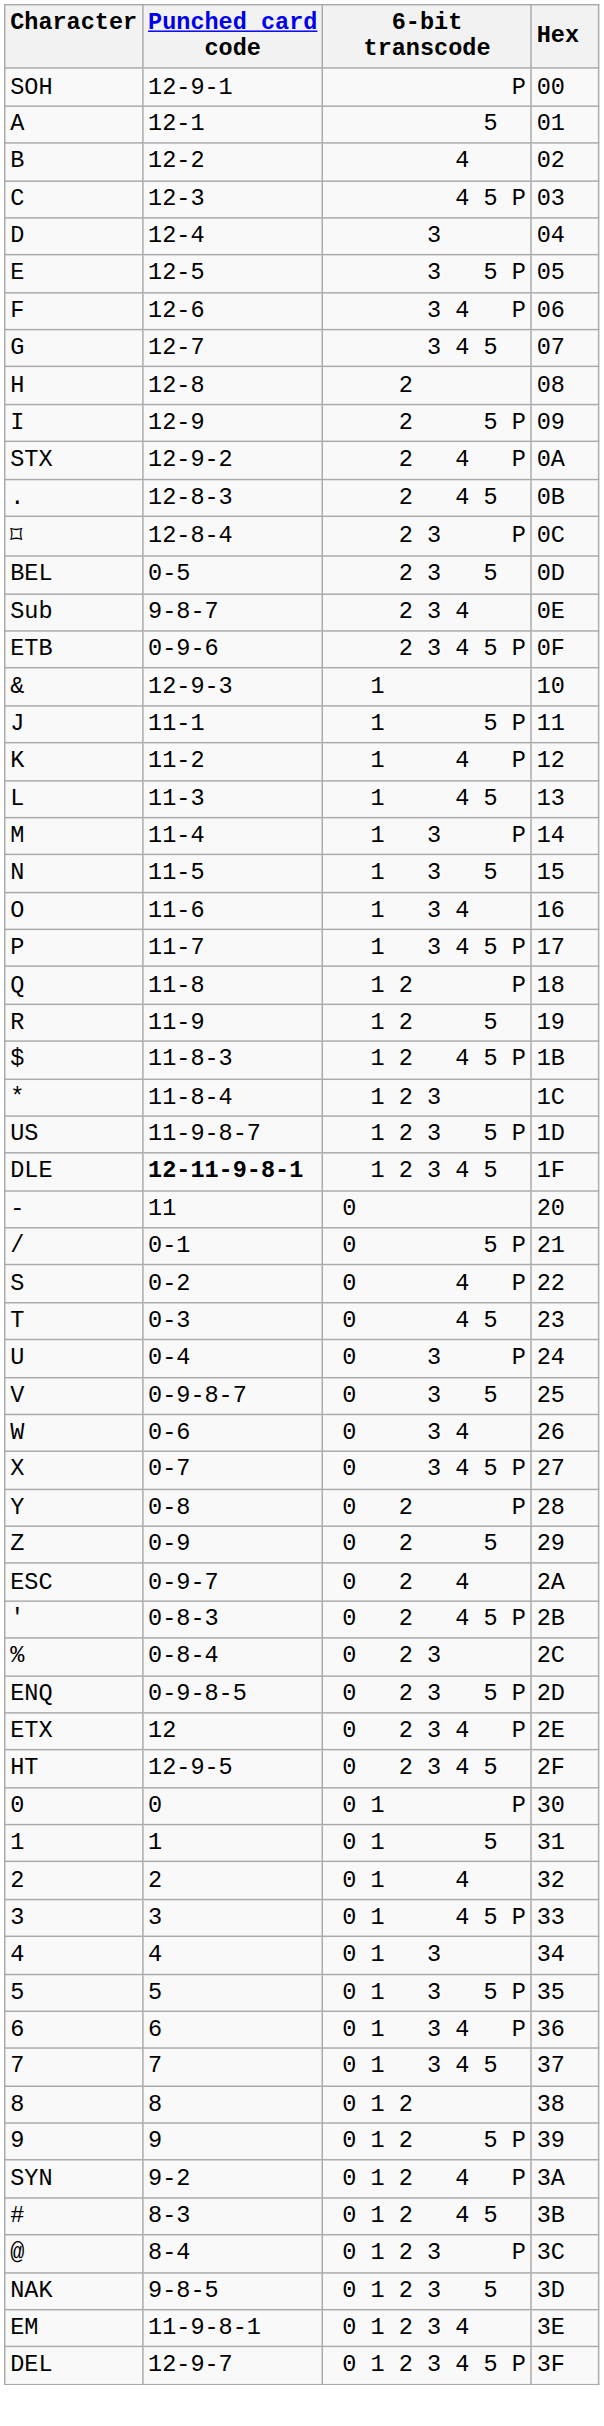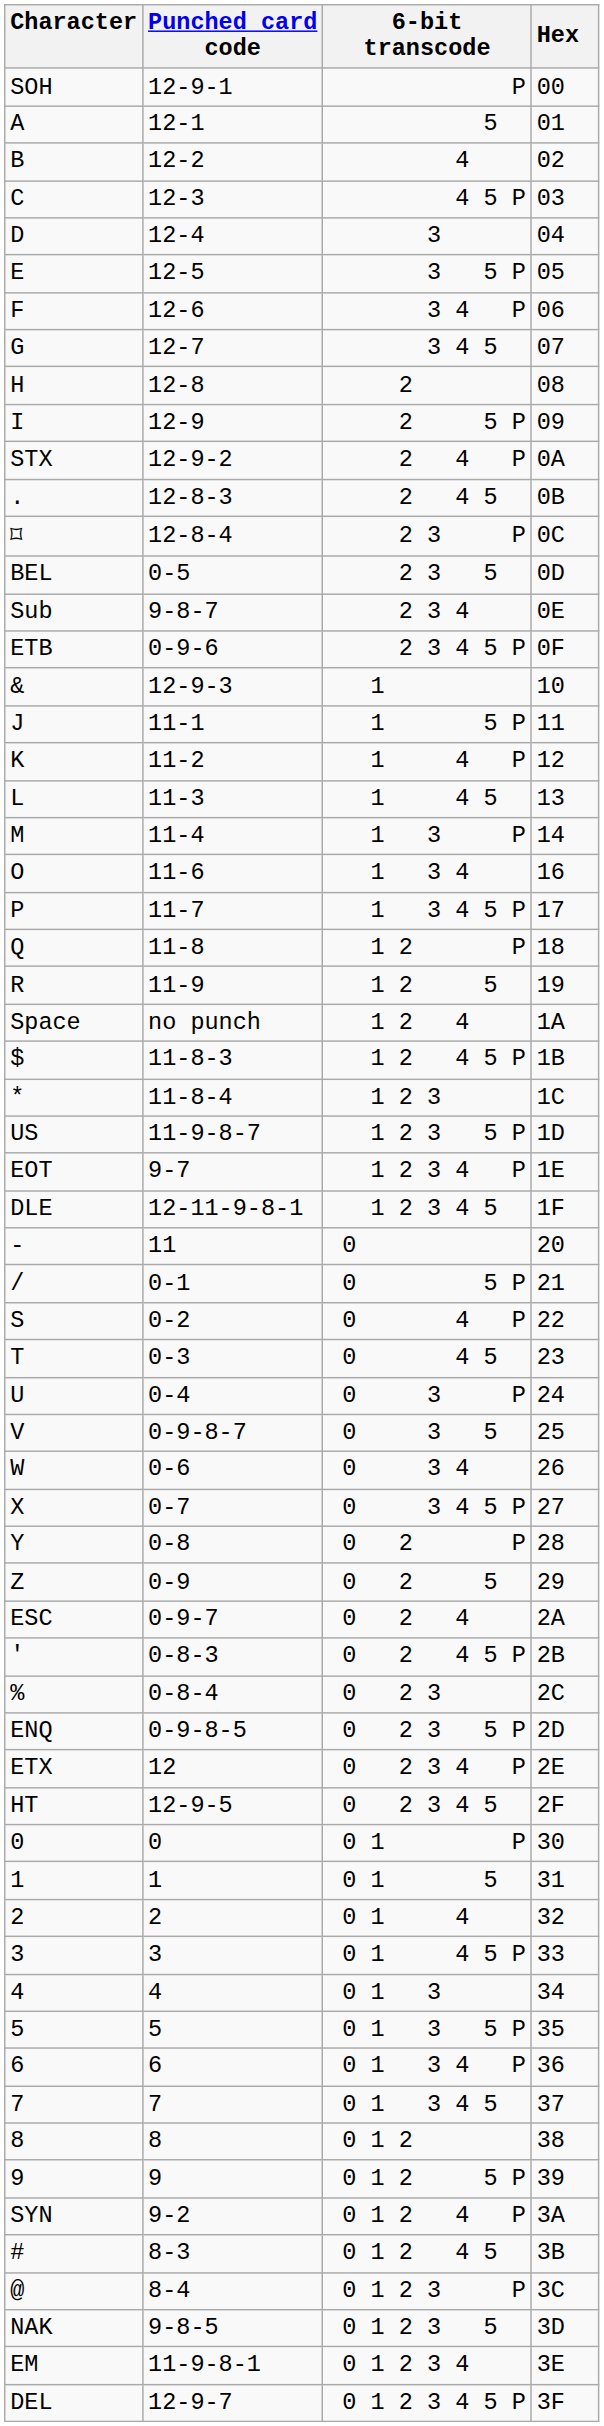 <table class="wikitable" style="font-family: 'Courier New';">
 <tr>
 <th>Character<br> </th>
 <th><a href='#'>Punched card</a><br>code</th>
 <th>6-bit<br>transcode</th>
 <th>Hex </th>
 </tr>
 <tr>
 <td>SOH</td>
 <td>12-9-1</td>
 <td>             P</td>
 <td>00</td>
 </tr>
 <tr>
 <td>A</td>
 <td>12-1</td>
 <td>           5  </td>
 <td>01</td>
 </tr>
 <tr>
 <td>B</td>
 <td>12-2</td>
 <td>         4    </td>
 <td>02</td>
 </tr>
 <tr>
 <td>C</td>
 <td>12-3</td>
 <td>         4 5 P</td>
 <td>03</td>
 </tr>
 <tr>
 <td>D</td>
 <td>12-4</td>
 <td>       3      </td>
 <td>04</td>
 </tr>
 <tr>
 <td>E</td>
 <td>12-5</td>
 <td>       3   5 P</td>
 <td>05</td>
 </tr>
 <tr>
 <td>F</td>
 <td>12-6</td>
 <td>       3 4   P</td>
 <td>06</td>
 </tr>
 <tr>
 <td>G</td>
 <td>12-7</td>
 <td>       3 4 5  </td>
 <td>07</td>
 </tr>
 <tr>
 <td>H</td>
 <td>12-8</td>
 <td>     2        </td>
 <td>08</td>
 </tr>
 <tr>
 <td>I</td>
 <td>12-9</td>
 <td>     2     5 P</td>
 <td>09</td>
 </tr>
 <tr>
 <td>STX</td>
 <td>12-9-2</td>
 <td>     2   4   P</td>
 <td>0A</td>
 </tr>
 <tr>
 <td>.</td>
 <td>12-8-3</td>
 <td>     2   4 5  </td>
 <td>0B</td>
 </tr>
 <tr>
 <td>⌑</td>
 <td>12-8-4</td>
 <td>     2 3     P</td>
 <td>0C</td>
 </tr>
 <tr>
 <td>BEL</td>
 <td>0-5</td>
 <td>     2 3   5  </td>
 <td>0D</td>
 </tr>
 <tr>
 <td>Sub</td>
 <td>9-8-7</td>
 <td>     2 3 4    </td>
 <td>0E</td>
 </tr>
 <tr>
 <td>ETB</td>
 <td>0-9-6</td>
 <td>     2 3 4 5 P</td>
 <td>0F</td>
 </tr>
 <tr>
 <td>&</td>
 <td>12-9-3</td>
 <td>   1          </td>
 <td>10</td>
 </tr>
 <tr>
 <td>J</td>
 <td>11-1</td>
 <td>   1       5 P</td>
 <td>11</td>
 </tr>
 <tr>
 <td>K</td>
 <td>11-2</td>
 <td>   1     4   P</td>
 <td>12</td>
 </tr>
 <tr>
 <td>L</td>
 <td>11-3</td>
 <td>   1     4 5  </td>
 <td>13</td>
 </tr>
 <tr>
 <td>M</td>
 <td>11-4</td>
 <td>   1   3     P</td>
 <td>14</td>
 </tr>
 <tr>
-<td>N</td>
-<td>11-5</td>
-<td>   1   3   5  </td>
-<td>15</td>
-</tr>
-<tr>
 <td>O</td>
 <td>11-6</td>
 <td>   1   3 4    </td>
 <td>16</td>
 </tr>
 <tr>
 <td>P</td>
 <td>11-7</td>
 <td>   1   3 4 5 P</td>
 <td>17</td>
 </tr>
 <tr>
 <td>Q</td>
 <td>11-8</td>
 <td>   1 2       P</td>
 <td>18</td>
 </tr>
 <tr>
 <td>R</td>
 <td>11-9</td>
 <td>   1 2     5  </td>
 <td>19</td>
 </tr>
 <tr>
+<td>Space</td>
+<td>no punch</td>
+<td>   1 2   4    </td>
+<td>1A</td>
+</tr>
+<tr>
 <td>$</td>
 <td>11-8-3</td>
 <td>   1 2   4 5 P</td>
 <td>1B</td>
 </tr>
 <tr>
 <td>*</td>
 <td>11-8-4</td>
 <td>   1 2 3      </td>
 <td>1C</td>
 </tr>
 <tr>
 <td>US</td>
 <td>11-9-8-7</td>
 <td>   1 2 3   5 P</td>
 <td>1D</td>
 </tr>
 <tr>
+<td>EOT</td>
+<td>9-7</td>
+<td>   1 2 3 4   P</td>
+<td>1E</td>
+</tr>
+<tr>
 <td>DLE</td>
-<td><strong>12-11-9-8-1</strong></td>
+<td>12-11-9-8-1</td>
 <td>   1 2 3 4 5  </td>
 <td>1F</td>
 </tr>
 <tr>
 <td>-</td>
 <td>11</td>
 <td> 0            </td>
 <td>20</td>
 </tr>
 <tr>
 <td>/</td>
 <td>0-1</td>
 <td> 0         5 P</td>
 <td>21</td>
 </tr>
 <tr>
 <td>S</td>
 <td>0-2</td>
 <td> 0       4   P</td>
 <td>22</td>
 </tr>
 <tr>
 <td>T</td>
 <td>0-3</td>
 <td> 0       4 5  </td>
 <td>23</td>
 </tr>
 <tr>
 <td>U</td>
 <td>0-4</td>
 <td> 0     3     P</td>
 <td>24</td>
 </tr>
 <tr>
 <td>V</td>
 <td>0-9-8-7</td>
 <td> 0     3   5  </td>
 <td>25</td>
 </tr>
 <tr>
 <td>W</td>
 <td>0-6</td>
 <td> 0     3 4    </td>
 <td>26</td>
 </tr>
 <tr>
 <td>X</td>
 <td>0-7</td>
 <td> 0     3 4 5 P</td>
 <td>27</td>
 </tr>
 <tr>
 <td>Y</td>
 <td>0-8</td>
 <td> 0   2       P</td>
 <td>28</td>
 </tr>
 <tr>
 <td>Z</td>
 <td>0-9</td>
 <td> 0   2     5  </td>
 <td>29</td>
 </tr>
 <tr>
 <td>ESC</td>
 <td>0-9-7</td>
 <td> 0   2   4    </td>
 <td>2A</td>
 </tr>
 <tr>
 <td>'</td>
 <td>0-8-3</td>
 <td> 0   2   4 5 P</td>
 <td>2B</td>
 </tr>
 <tr>
 <td>%</td>
 <td>0-8-4</td>
 <td> 0   2 3      </td>
 <td>2C</td>
 </tr>
 <tr>
 <td>ENQ</td>
 <td>0-9-8-5</td>
 <td> 0   2 3   5 P</td>
 <td>2D</td>
 </tr>
 <tr>
 <td>ETX</td>
 <td>12</td>
 <td> 0   2 3 4   P</td>
 <td>2E</td>
 </tr>
 <tr>
 <td>HT</td>
 <td>12-9-5</td>
 <td> 0   2 3 4 5  </td>
 <td>2F</td>
 </tr>
 <tr>
 <td>0</td>
 <td>0</td>
 <td> 0 1         P</td>
 <td>30</td>
 </tr>
 <tr>
 <td>1</td>
 <td>1</td>
 <td> 0 1       5  </td>
 <td>31</td>
 </tr>
 <tr>
 <td>2</td>
 <td>2</td>
 <td> 0 1     4    </td>
 <td>32</td>
 </tr>
 <tr>
 <td>3</td>
 <td>3</td>
 <td> 0 1     4 5 P</td>
 <td>33</td>
 </tr>
 <tr>
 <td>4</td>
 <td>4</td>
 <td> 0 1   3      </td>
 <td>34</td>
 </tr>
 <tr>
 <td>5</td>
 <td>5</td>
 <td> 0 1   3   5 P</td>
 <td>35</td>
 </tr>
 <tr>
 <td>6</td>
 <td>6</td>
 <td> 0 1   3 4   P</td>
 <td>36</td>
 </tr>
 <tr>
 <td>7</td>
 <td>7</td>
 <td> 0 1   3 4 5  </td>
 <td>37</td>
 </tr>
 <tr>
 <td>8</td>
 <td>8</td>
 <td> 0 1 2        </td>
 <td>38</td>
 </tr>
 <tr>
 <td>9</td>
 <td>9</td>
 <td> 0 1 2     5 P</td>
 <td>39</td>
 </tr>
 <tr>
 <td>SYN</td>
 <td>9-2</td>
 <td> 0 1 2   4   P</td>
 <td>3A</td>
 </tr>
 <tr>
 <td>#</td>
 <td>8-3</td>
 <td> 0 1 2   4 5  </td>
 <td>3B</td>
 </tr>
 <tr>
 <td>@</td>
 <td>8-4</td>
 <td> 0 1 2 3     P</td>
 <td>3C</td>
 </tr>
 <tr>
 <td>NAK</td>
 <td>9-8-5</td>
 <td> 0 1 2 3   5  </td>
 <td>3D</td>
 </tr>
 <tr>
 <td>EM</td>
 <td>11-9-8-1</td>
 <td> 0 1 2 3 4    </td>
 <td>3E</td>
 </tr>
 <tr>
 <td>DEL</td>
 <td>12-9-7</td>
 <td> 0 1 2 3 4 5 P</td>
 <td>3F</td>
 </tr>
 </table>
